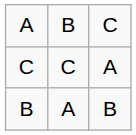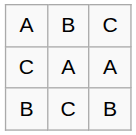 <table class="wikitable" style="margin-left:auto;margin-right:auto;text-align:center;width:6em;height:6em;table-layout:fixed;">
 <tr>
 <td>A</td>
 <td>B</td>
 <td>C</td>
 </tr>
 <tr>
 <td>C</td>
-<td>C</td>
+<td>A</td>
 <td>A</td>
 </tr>
 <tr>
 <td>B</td>
-<td>A</td>
+<td>C</td>
 <td>B</td>
 </tr>
 </table>
